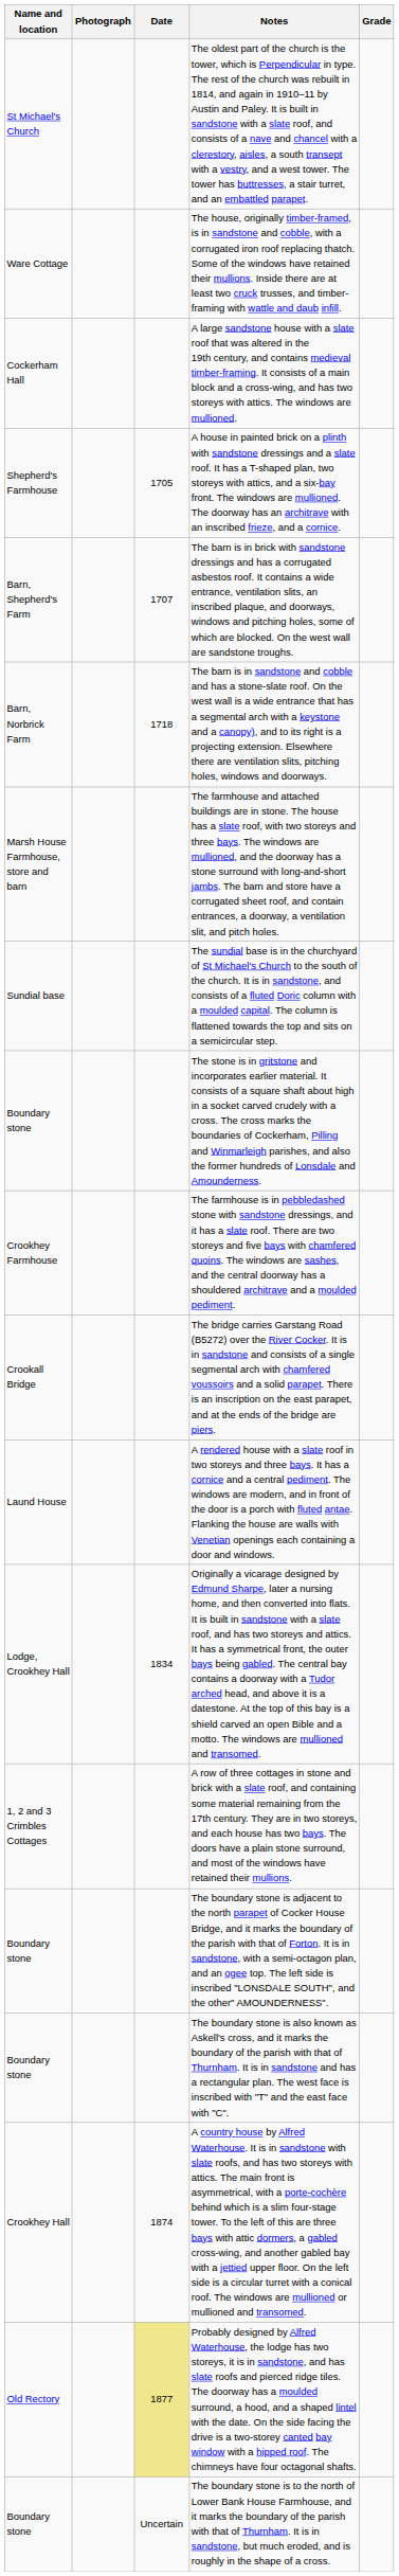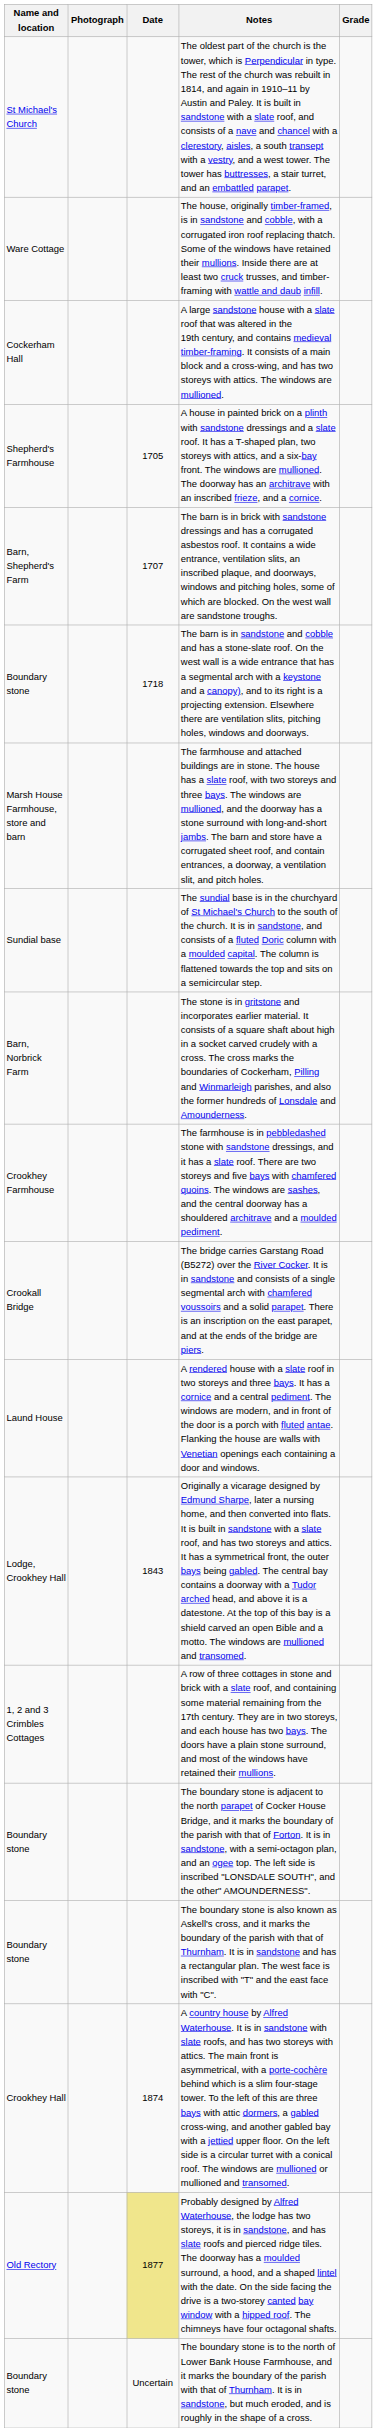 <table class="wikitable sortable plainrowheaders" style="width:100%;border:0px;text-align:left;line-height:150%;">
 <tr>
 <th scope="col"  style="width:150px">Name and location</th>
 <th scope="col"  style="width:100px" class="unsortable">Photograph</th>
 <th scope="col"  style="width:120px">Date</th>
 <th scope="col"  style="width:650px" class="unsortable">Notes</th>
 <th scope="col"  style="width:50px">Grade</th>
 </tr>
 <tr>
 <td><a href='#'>St Michael's Church</a><br><small></small></td>
 <td></td>
 <td align="center"></td>
 <td>The oldest part of the church is the tower, which is <a href='#'>Perpendicular</a> in type.  The rest of the church was rebuilt in 1814, and again in 1910–11 by Austin and Paley.  It is built in <a href='#'>sandstone</a> with a <a href='#'>slate</a> roof, and consists of a <a href='#'>nave</a> and <a href='#'>chancel</a> with a <a href='#'>clerestory</a>, <a href='#'>aisles</a>, a south <a href='#'>transept</a> with a <a href='#'>vestry</a>, and a west tower.  The tower has <a href='#'>buttresses</a>, a stair turret, and an <a href='#'>embattled</a> <a href='#'>parapet</a>.</td>
 <td align="center" ></td>
 </tr>
 <tr>
 <td>Ware Cottage<br><small></small></td>
 <td></td>
 <td align="center"></td>
 <td>The house, originally <a href='#'>timber-framed</a>, is in <a href='#'>sandstone</a> and <a href='#'>cobble</a>, with a corrugated iron roof replacing thatch.  Some of the windows have retained their <a href='#'>mullions</a>.  Inside there are at least two <a href='#'>cruck</a> trusses, and timber-framing with <a href='#'>wattle and daub</a> <a href='#'>infill</a>.</td>
 <td align="center" ></td>
 </tr>
 <tr>
 <td>Cockerham Hall<br><small></small></td>
 <td></td>
 <td align="center"></td>
 <td>A large <a href='#'>sandstone</a> house with a <a href='#'>slate</a> roof that was altered in the 19th century, and contains <a href='#'>medieval</a> <a href='#'>timber-framing</a>.  It consists of a main block and a cross-wing, and has two storeys with attics.  The windows are <a href='#'>mullioned</a>.</td>
 <td align="center" ></td>
 </tr>
 <tr>
 <td>Shepherd's Farmhouse<br><small></small></td>
 <td></td>
 <td align="center">1705</td>
 <td>A house in painted brick on a <a href='#'>plinth</a> with <a href='#'>sandstone</a> dressings and a <a href='#'>slate</a> roof.  It has a T-shaped plan, two storeys with attics, and a six-<a href='#'>bay</a> front.  The windows are <a href='#'>mullioned</a>.  The doorway has an <a href='#'>architrave</a> with an inscribed <a href='#'>frieze</a>, and a <a href='#'>cornice</a>.</td>
 <td align="center" ></td>
 </tr>
 <tr>
 <td>Barn, Shepherd's Farm<br><small></small></td>
 <td></td>
 <td align="center">1707</td>
 <td>The barn is in brick with <a href='#'>sandstone</a> dressings and has a corrugated asbestos roof.  It contains a wide entrance, ventilation slits, an inscribed plaque, and doorways, windows and pitching holes, some of which are blocked.  On the west wall are sandstone troughs.</td>
 <td align="center" ></td>
 </tr>
 <tr>
-<td>Barn, Norbrick Farm<br><small></small></td>
+<td>Boundary stone<br><small></small></td>
 <td></td>
 <td align="center">1718</td>
 <td>The barn is in <a href='#'>sandstone</a> and <a href='#'>cobble</a> and has a stone-slate roof.  On the west wall is a wide entrance that has a segmental arch with a <a href='#'>keystone</a> and a <a href='#'>canopy)</a>, and to its right is a projecting extension.  Elsewhere there are ventilation slits, pitching holes, windows and doorways.</td>
 <td align="center" ></td>
 </tr>
 <tr>
 <td>Marsh House Farmhouse, store and barn<br><small></small></td>
 <td></td>
 <td align="center"></td>
 <td>The farmhouse and attached buildings are in stone.  The house has a <a href='#'>slate</a> roof, with two storeys and three <a href='#'>bays</a>.  The windows are <a href='#'>mullioned</a>, and the doorway has a stone surround with long-and-short <a href='#'>jambs</a>.  The barn and store have a corrugated sheet roof, and contain entrances, a doorway, a ventilation slit, and pitch holes.</td>
 <td align="center" ></td>
 </tr>
 <tr>
 <td>Sundial base<br><small></small></td>
 <td></td>
 <td align="center"></td>
 <td>The <a href='#'>sundial</a> base is in the churchyard of <a href='#'>St Michael's Church</a> to the south of the church.  It is in <a href='#'>sandstone</a>, and consists of a <a href='#'>fluted</a> <a href='#'>Doric</a> column with a <a href='#'>moulded</a> <a href='#'>capital</a>.  The column is flattened towards the top and sits on a semicircular step.</td>
 <td align="center" ></td>
 </tr>
 <tr>
-<td>Boundary stone<br><small></small></td>
+<td>Barn, Norbrick Farm<br><small></small></td>
 <td></td>
 <td align="center"></td>
 <td>The stone is in <a href='#'>gritstone</a> and incorporates earlier material.  It consists of a square shaft about  high in a socket carved crudely with a cross.  The cross marks the boundaries of Cockerham, <a href='#'>Pilling</a> and <a href='#'>Winmarleigh</a> parishes, and also the former hundreds of <a href='#'>Lonsdale</a> and <a href='#'>Amounderness</a>.</td>
 <td align="center" ></td>
 </tr>
 <tr>
 <td>Crookhey Farmhouse<br><small></small></td>
 <td></td>
 <td align="center"></td>
 <td>The farmhouse is in <a href='#'>pebbledashed</a> stone with <a href='#'>sandstone</a> dressings, and it has a <a href='#'>slate</a> roof.  There are two storeys and five <a href='#'>bays</a> with <a href='#'>chamfered</a> <a href='#'>quoins</a>.  The windows are <a href='#'>sashes</a>, and the central doorway has a shouldered <a href='#'>architrave</a> and a <a href='#'>moulded</a> <a href='#'>pediment</a>.</td>
 <td align="center" ></td>
 </tr>
 <tr>
 <td>Crookall Bridge<br><small></small></td>
 <td></td>
 <td align="center"></td>
 <td>The bridge carries Garstang Road (B5272) over the <a href='#'>River Cocker</a>.  It is in <a href='#'>sandstone</a> and consists of a single segmental arch with <a href='#'>chamfered</a> <a href='#'>voussoirs</a> and a solid <a href='#'>parapet</a>.  There is an inscription on the east parapet, and at the ends of the bridge are <a href='#'>piers</a>.</td>
 <td align="center" ></td>
 </tr>
 <tr>
 <td>Laund House<br><small></small></td>
 <td></td>
 <td align="center"></td>
 <td>A <a href='#'>rendered</a> house with a <a href='#'>slate</a> roof in two storeys and three <a href='#'>bays</a>.  It has a <a href='#'>cornice</a> and a central <a href='#'>pediment</a>.  The windows are modern, and in front of the door is a porch with <a href='#'>fluted</a> <a href='#'>antae</a>.  Flanking the house are walls with <a href='#'>Venetian</a> openings each containing a door and windows.</td>
 <td align="center" ></td>
 </tr>
 <tr>
 <td>Lodge, Crookhey Hall<br><small></small></td>
 <td></td>
-<td align="center">1834</td>
+<td align="center">1843</td>
 <td>Originally a vicarage designed by <a href='#'>Edmund Sharpe</a>, later a nursing home, and then converted into flats.  It is built in <a href='#'>sandstone</a> with a <a href='#'>slate</a> roof, and has two storeys and attics.  It has a symmetrical front, the outer <a href='#'>bays</a> being <a href='#'>gabled</a>.  The central bay contains a doorway with a <a href='#'>Tudor arched</a> head, and above it is a datestone.  At the top of this bay is a shield carved an open Bible and a motto.  The windows are <a href='#'>mullioned</a> and <a href='#'>transomed</a>.</td>
 <td align="center" ></td>
 </tr>
 <tr>
 <td>1, 2 and 3 Crimbles Cottages<br><small></small></td>
 <td></td>
 <td align="center"></td>
 <td>A row of three cottages in stone and brick with a <a href='#'>slate</a> roof, and containing some material remaining from the 17th century.  They are in two storeys, and each house has two <a href='#'>bays</a>.  The doors have a plain stone surround, and most of the windows have retained their <a href='#'>mullions</a>.</td>
 <td align="center" ></td>
 </tr>
 <tr>
 <td>Boundary stone<br><small></small></td>
 <td></td>
 <td align="center"></td>
 <td>The boundary stone is adjacent to the north <a href='#'>parapet</a> of Cocker House Bridge, and it marks the boundary of the parish with that of <a href='#'>Forton</a>.  It is in <a href='#'>sandstone</a>, with a semi-octagon plan, and an <a href='#'>ogee</a> top.  The left side is inscribed "LONSDALE SOUTH", and the other" AMOUNDERNESS".</td>
 <td align="center" ></td>
 </tr>
 <tr>
 <td>Boundary stone<br><small></small></td>
 <td></td>
 <td align="center"></td>
 <td>The boundary stone is also known as Askell's cross, and it marks the boundary of the parish with that of <a href='#'>Thurnham</a>.  It is in <a href='#'>sandstone</a> and has a rectangular plan.  The west face is inscribed with "T" and the east face with "C".</td>
 <td align="center" ></td>
 </tr>
 <tr>
 <td>Crookhey Hall<br><small></small></td>
 <td></td>
 <td align="center">1874</td>
 <td>A <a href='#'>country house</a> by <a href='#'>Alfred Waterhouse</a>.  It is in <a href='#'>sandstone</a> with <a href='#'>slate</a> roofs, and has two storeys with attics.  The main front is asymmetrical, with a <a href='#'>porte-cochère</a> behind which is a slim four-stage tower.  To the left of this are three <a href='#'>bays</a> with attic <a href='#'>dormers</a>, a <a href='#'>gabled</a> cross-wing, and another gabled bay with a <a href='#'>jettied</a> upper floor.  On the left side is a circular turret with a conical roof.  The windows are <a href='#'>mullioned</a> or mullioned and <a href='#'>transomed</a>.</td>
 <td align="center" ></td>
 </tr>
 <tr>
 <td><a href='#'>Old Rectory</a><br><small></small></td>
 <td></td>
 <td align="center" style="background: khaki;">1877</td>
 <td>Probably designed by <a href='#'>Alfred Waterhouse</a>, the lodge has two storeys, it is in <a href='#'>sandstone</a>, and has <a href='#'>slate</a> roofs and pierced ridge tiles.  The doorway has a <a href='#'>moulded</a> surround, a hood, and a shaped <a href='#'>lintel</a> with the date.  On the side facing the drive is a two-storey <a href='#'>canted</a> <a href='#'>bay window</a> with a <a href='#'>hipped roof</a>.  The chimneys have four octagonal shafts.</td>
 <td align="center" ></td>
 </tr>
 <tr>
 <td>Boundary stone<br><small></small></td>
 <td></td>
 <td align="center">Uncertain</td>
 <td>The boundary stone is to the north of Lower Bank House Farmhouse, and it marks the boundary of the parish with that of <a href='#'>Thurnham</a>.  It is in <a href='#'>sandstone</a>, but much eroded, and is roughly in the shape of a cross.</td>
 <td align="center" ></td>
 </tr>
 <tr>
 </tr>
 </table>
